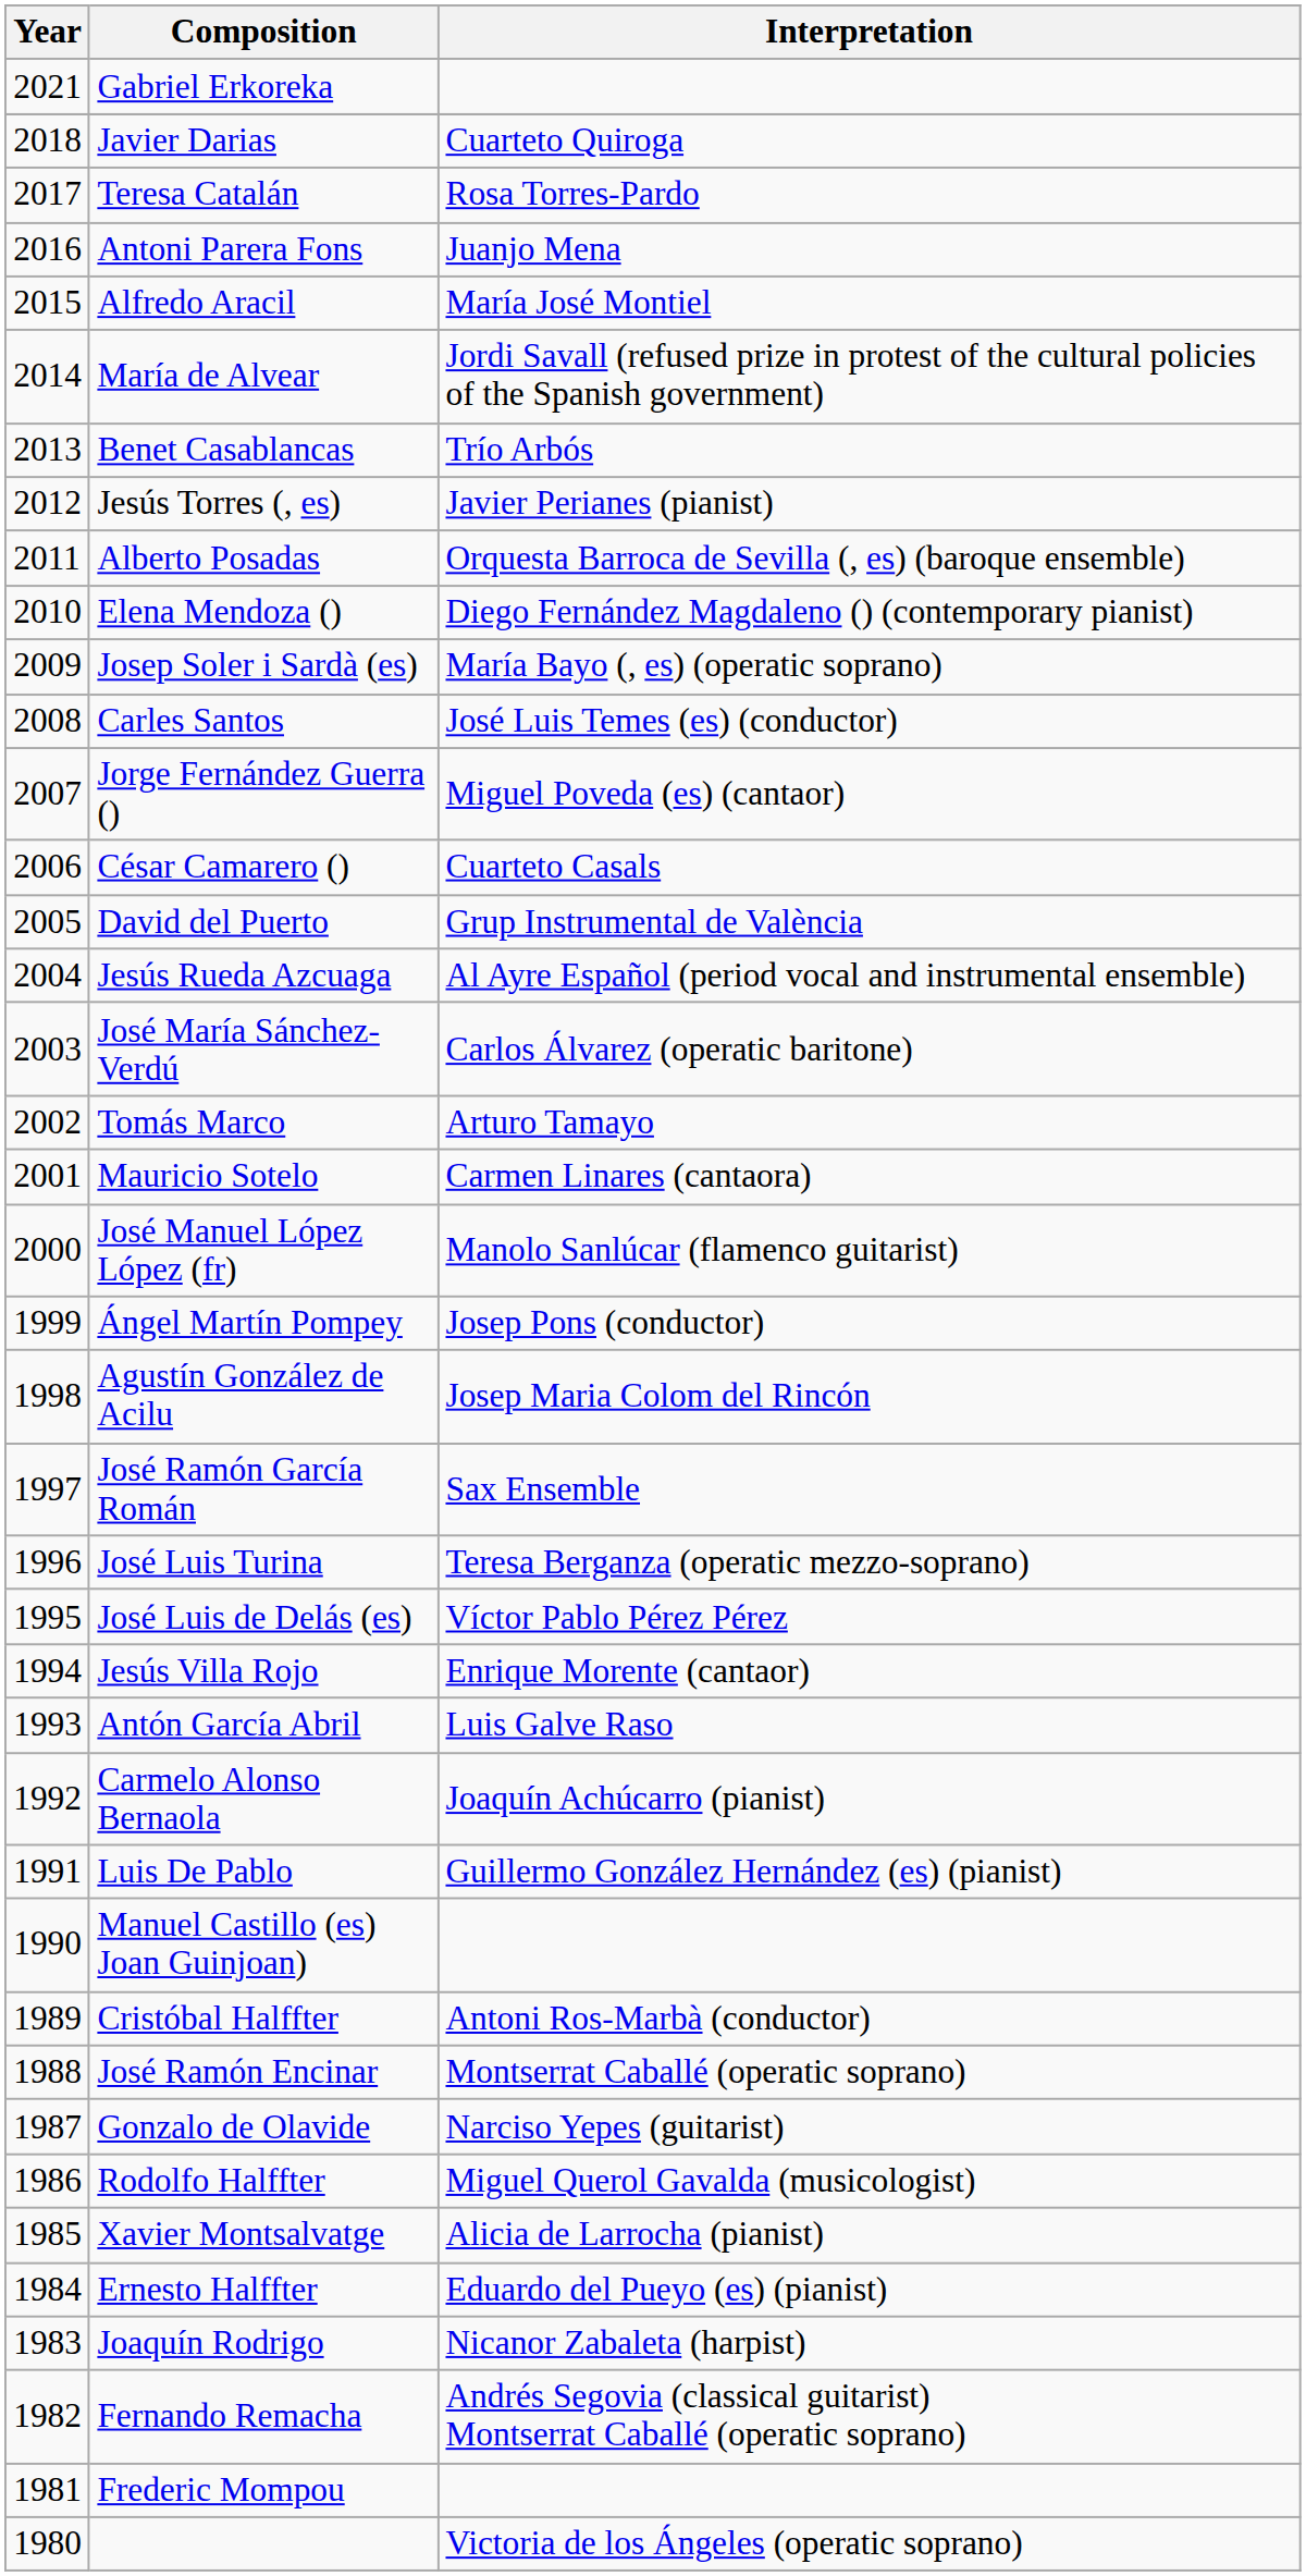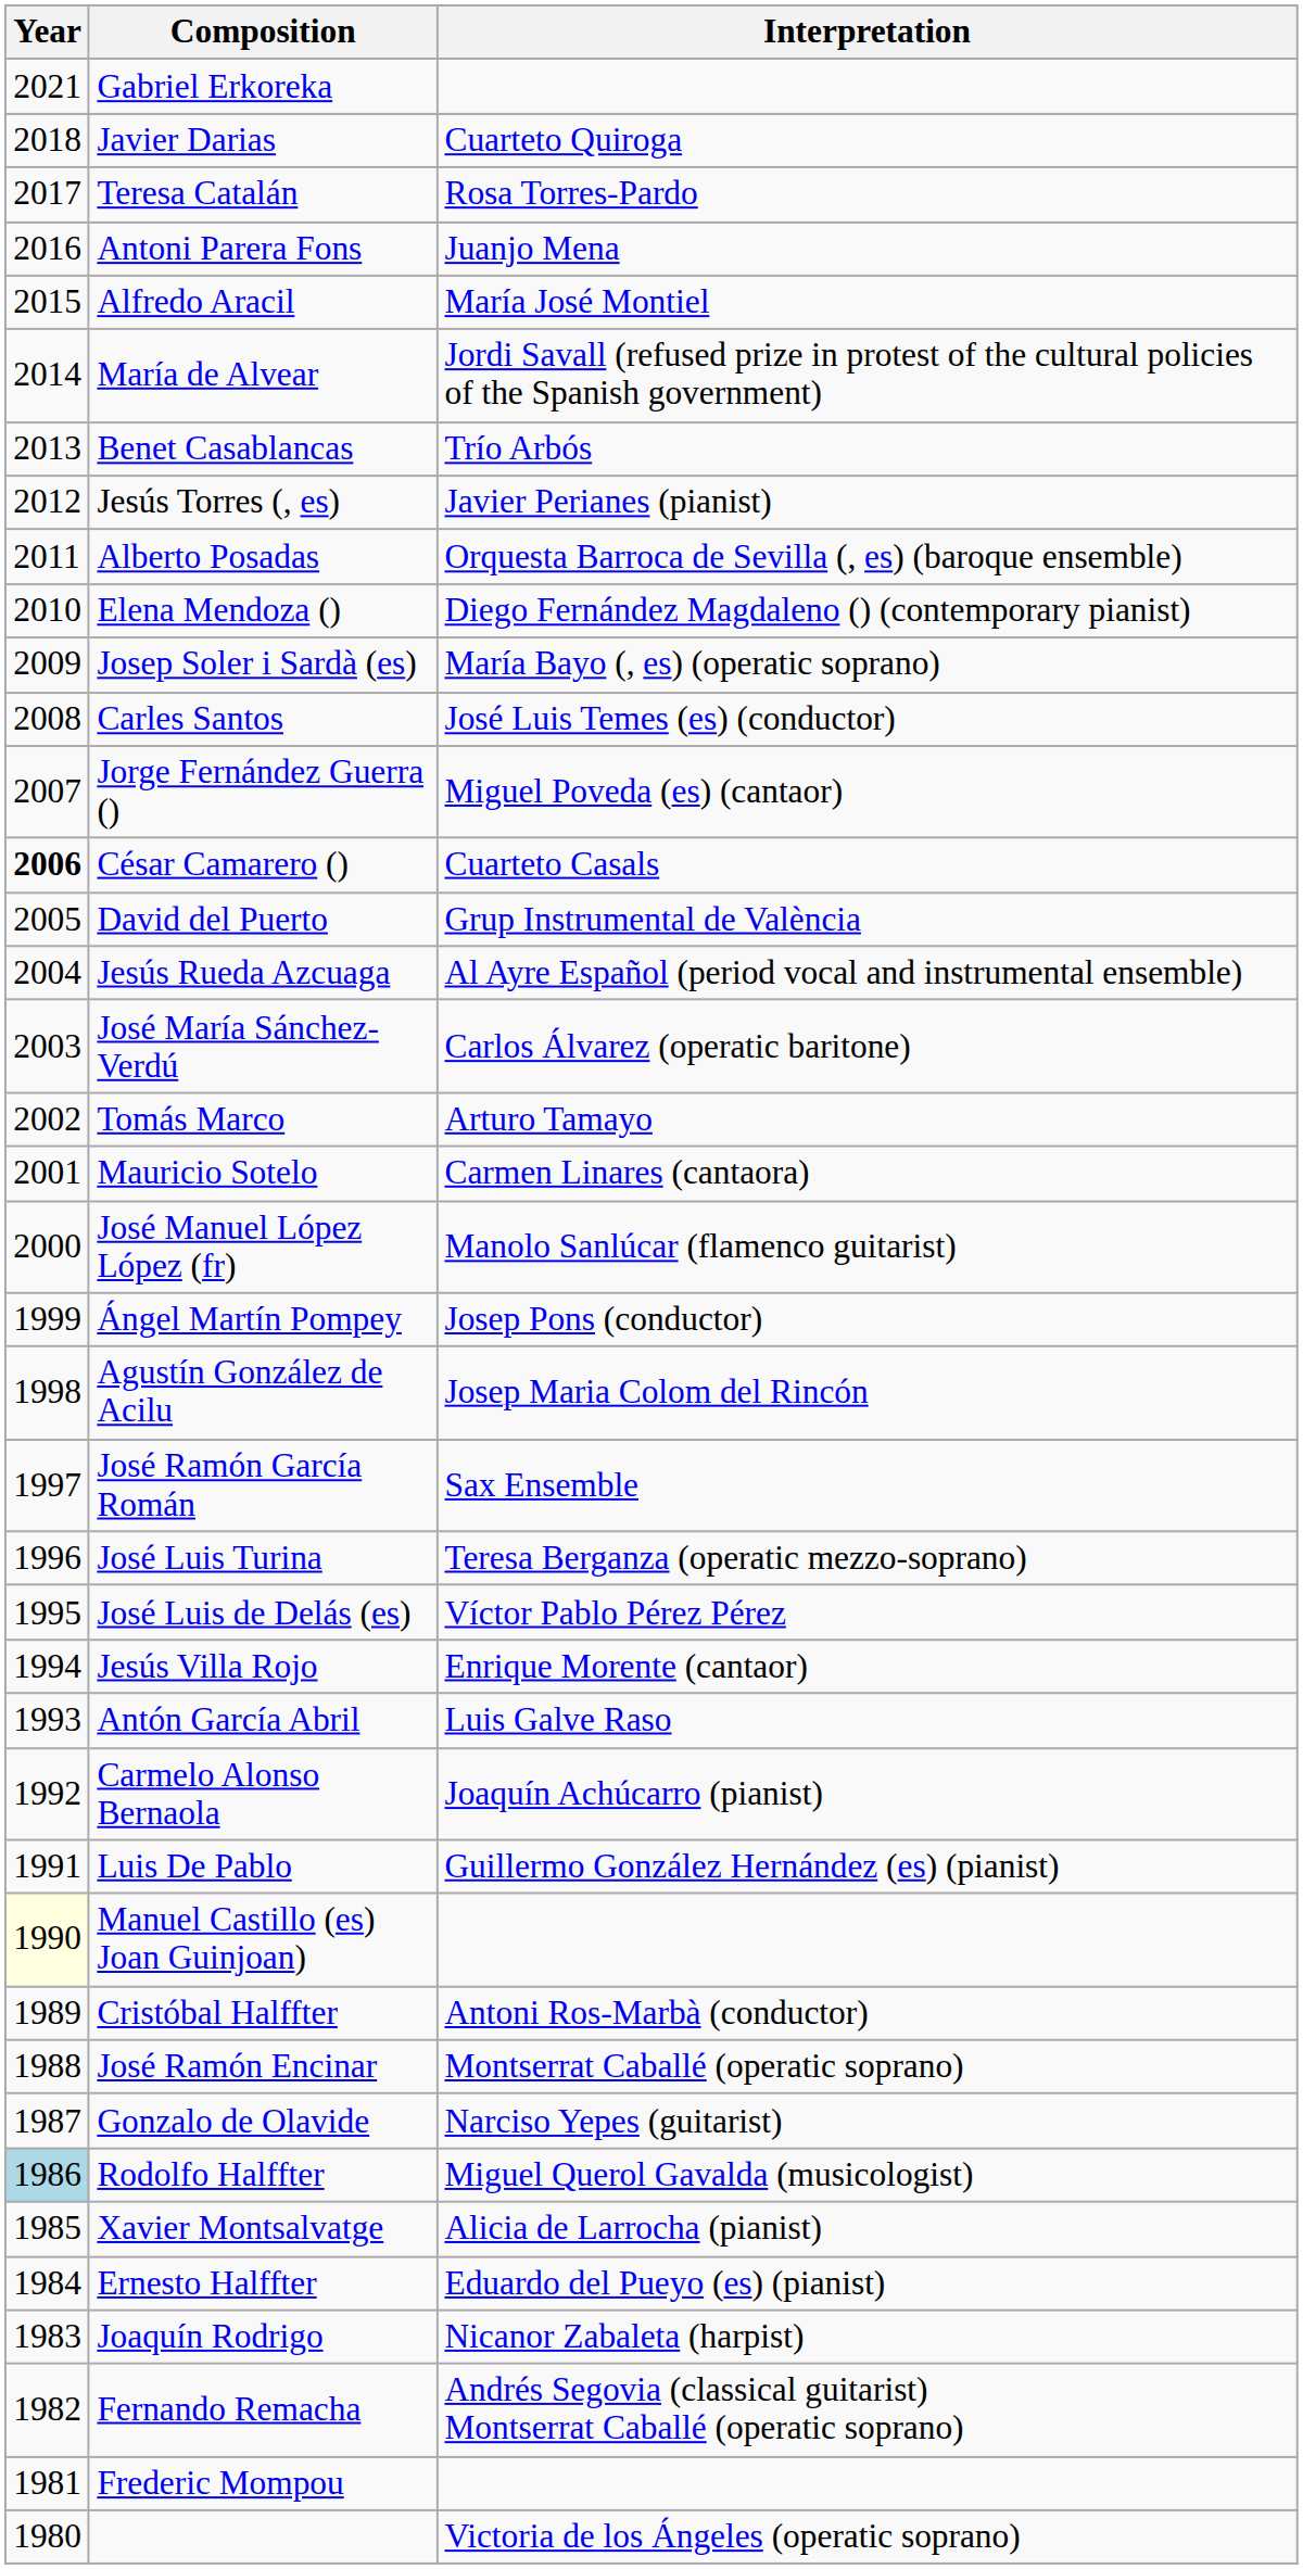 <table class="wikitable">
 <tr>
 <th>Year</th>
 <th>Composition</th>
 <th>Interpretation</th>
 </tr>
 <tr>
 <td>2021</td>
 <td><a href='#'>Gabriel Erkoreka</a></td>
 <td></td>
 </tr>
 <tr>
 </tr>
 <tr>
 <td>2018</td>
 <td><a href='#'>Javier Darias</a></td>
 <td><a href='#'>Cuarteto Quiroga</a></td>
 </tr>
 <tr>
 <td>2017</td>
 <td><a href='#'>Teresa Catalán</a></td>
 <td><a href='#'>Rosa Torres-Pardo</a></td>
 </tr>
 <tr>
 <td>2016</td>
 <td><a href='#'>Antoni Parera Fons</a></td>
 <td><a href='#'>Juanjo Mena</a></td>
 </tr>
 <tr>
 <td>2015</td>
 <td><a href='#'>Alfredo Aracil</a></td>
 <td><a href='#'>María José Montiel</a></td>
 </tr>
 <tr>
 <td>2014</td>
 <td><a href='#'>María de Alvear </a></td>
 <td><a href='#'>Jordi Savall</a> (refused prize in protest of the cultural policies of the Spanish government)</td>
 </tr>
 <tr>
 <td>2013</td>
 <td><a href='#'>Benet Casablancas</a></td>
 <td><a href='#'>Trío Arbós</a></td>
 </tr>
 <tr>
 <td>2012</td>
 <td>Jesús Torres (, <a href='#'>es</a>)</td>
 <td><a href='#'>Javier Perianes</a> (pianist)</td>
 </tr>
 <tr>
 <td>2011</td>
 <td><a href='#'>Alberto Posadas</a></td>
 <td><a href='#'>Orquesta Barroca de Sevilla</a> (, <a href='#'>es</a>) (baroque ensemble)</td>
 </tr>
 <tr>
 <td>2010</td>
 <td><a href='#'>Elena Mendoza</a> ()</td>
 <td><a href='#'>Diego Fernández Magdaleno</a> () (contemporary pianist)</td>
 </tr>
 <tr>
 <td>2009</td>
 <td><a href='#'>Josep Soler i Sardà</a> (<a href='#'>es</a>)</td>
 <td><a href='#'>María Bayo</a> (, <a href='#'>es</a>) (operatic soprano)</td>
 </tr>
 <tr>
 <td>2008</td>
 <td><a href='#'>Carles Santos</a></td>
 <td><a href='#'>José Luis Temes</a> (<a href='#'>es</a>) (conductor)</td>
 </tr>
 <tr>
 <td>2007</td>
 <td><a href='#'>Jorge Fernández Guerra</a> ()</td>
 <td><a href='#'>Miguel Poveda</a> (<a href='#'>es</a>) (cantaor)</td>
 </tr>
 <tr>
-<td>2006</td>
+<td><strong>2006</strong></td>
 <td><a href='#'>César Camarero</a> ()</td>
 <td><a href='#'>Cuarteto Casals</a></td>
 </tr>
 <tr>
 <td>2005</td>
 <td><a href='#'>David del Puerto</a></td>
 <td><a href='#'>Grup Instrumental de València</a></td>
 </tr>
 <tr>
 <td>2004</td>
 <td><a href='#'>Jesús Rueda Azcuaga</a></td>
 <td><a href='#'>Al Ayre Español</a> (period vocal and instrumental ensemble)</td>
 </tr>
 <tr>
 <td>2003</td>
 <td><a href='#'>José María Sánchez-Verdú</a></td>
 <td><a href='#'>Carlos Álvarez</a> (operatic baritone)</td>
 </tr>
 <tr>
 <td>2002</td>
 <td><a href='#'>Tomás Marco</a> </td>
 <td><a href='#'>Arturo Tamayo</a></td>
 </tr>
 <tr>
 <td>2001</td>
 <td><a href='#'>Mauricio Sotelo</a></td>
 <td><a href='#'>Carmen Linares</a>  (cantaora)</td>
 </tr>
 <tr>
 <td>2000</td>
 <td><a href='#'>José Manuel López López</a> (<a href='#'>fr</a>)</td>
 <td><a href='#'>Manolo Sanlúcar</a>  (flamenco guitarist)</td>
 </tr>
 <tr>
 <td>1999</td>
 <td><a href='#'>Ángel Martín Pompey</a></td>
 <td><a href='#'>Josep Pons</a> (conductor)</td>
 </tr>
 <tr>
 <td>1998</td>
 <td><a href='#'>Agustín González de Acilu</a></td>
 <td><a href='#'>Josep Maria Colom del Rincón</a></td>
 </tr>
 <tr>
 <td>1997</td>
 <td><a href='#'>José Ramón García Román</a></td>
 <td><a href='#'>Sax Ensemble</a></td>
 </tr>
 <tr>
 <td>1996</td>
 <td><a href='#'>José Luis Turina</a> </td>
 <td><a href='#'>Teresa Berganza</a>  (operatic mezzo-soprano)</td>
 </tr>
 <tr>
 <td>1995</td>
 <td><a href='#'>José Luis de Delás</a> (<a href='#'>es</a>) </td>
 <td><a href='#'>Víctor Pablo Pérez Pérez</a></td>
 </tr>
 <tr>
 <td>1994</td>
 <td><a href='#'>Jesús Villa Rojo</a></td>
 <td><a href='#'>Enrique Morente</a>  (cantaor)</td>
 </tr>
 <tr>
 <td>1993</td>
 <td><a href='#'>Antón García Abril</a></td>
 <td><a href='#'>Luis Galve Raso</a></td>
 </tr>
 <tr>
 <td>1992</td>
 <td><a href='#'>Carmelo Alonso Bernaola</a></td>
 <td><a href='#'>Joaquín Achúcarro</a>  (pianist)</td>
 </tr>
 <tr>
 <td>1991</td>
 <td><a href='#'>Luis De Pablo</a> </td>
 <td><a href='#'>Guillermo González Hernández</a> (<a href='#'>es</a>) (pianist)</td>
 </tr>
 <tr>
-<td>1990</td>
+<td style="background: lightyellow;">1990</td>
 <td><a href='#'>Manuel Castillo</a> (<a href='#'>es</a>) <br><a href='#'>Joan Guinjoan</a>) </td>
 <td></td>
 </tr>
 <tr>
 <td>1989</td>
 <td><a href='#'>Cristóbal Halffter</a> </td>
 <td><a href='#'>Antoni Ros-Marbà</a>  (conductor)</td>
 </tr>
 <tr>
 <td>1988</td>
 <td><a href='#'>José Ramón Encinar</a></td>
 <td><a href='#'>Montserrat Caballé</a>  (operatic soprano)</td>
 </tr>
 <tr>
 <td>1987</td>
 <td><a href='#'>Gonzalo de Olavide</a></td>
 <td><a href='#'>Narciso Yepes</a> (guitarist)</td>
 </tr>
 <tr>
-<td>1986</td>
+<td style="background: lightblue;">1986</td>
 <td><a href='#'>Rodolfo Halffter</a> </td>
 <td><a href='#'>Miguel Querol Gavalda</a> (musicologist)</td>
 </tr>
 <tr>
 <td>1985</td>
 <td><a href='#'>Xavier Montsalvatge</a> </td>
 <td><a href='#'>Alicia de Larrocha</a>  (pianist)</td>
 </tr>
 <tr>
 <td>1984</td>
 <td><a href='#'>Ernesto Halffter</a> </td>
 <td><a href='#'>Eduardo del Pueyo</a> (<a href='#'>es</a>) (pianist)</td>
 </tr>
 <tr>
 <td>1983</td>
 <td><a href='#'>Joaquín Rodrigo</a> </td>
 <td><a href='#'>Nicanor Zabaleta</a>  (harpist)</td>
 </tr>
 <tr>
 <td>1982</td>
 <td><a href='#'>Fernando Remacha</a></td>
 <td><a href='#'>Andrés Segovia</a>  (classical guitarist)<br><a href='#'>Montserrat Caballé</a> (operatic soprano)</td>
 </tr>
 <tr>
 <td>1981</td>
 <td><a href='#'>Frederic Mompou</a> </td>
 <td></td>
 </tr>
 <tr>
 <td>1980</td>
 <td></td>
 <td><a href='#'>Victoria de los Ángeles</a>  (operatic soprano)</td>
 </tr>
 </table>
